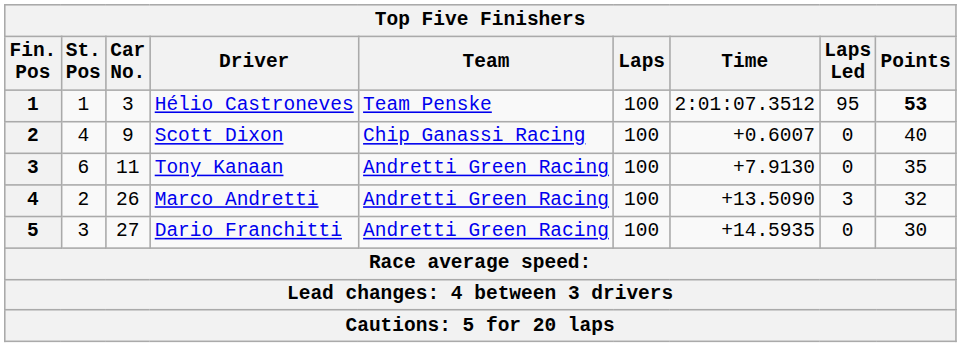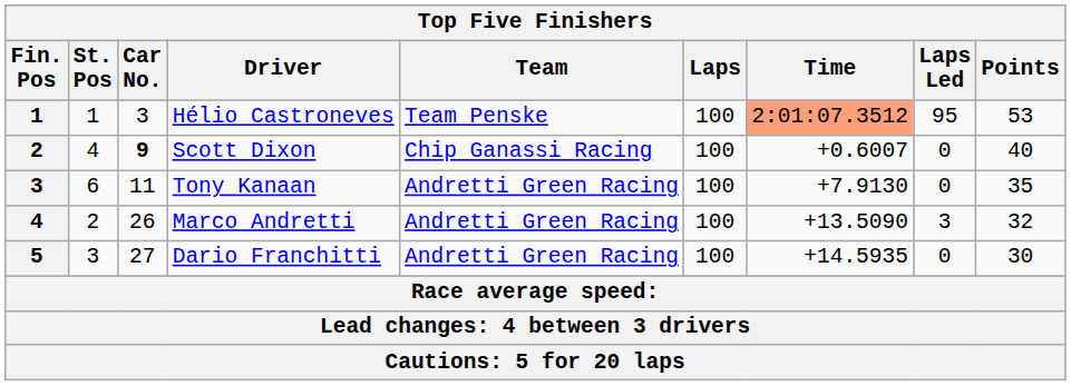 <table class="wikitable" style="font-size:95%;text-align:center">
 <tr>
 <th colspan=9>Top Five Finishers</th>
 </tr>
 <tr>
 <th>Fin.<br>Pos</th>
 <th>St.<br>Pos</th>
 <th>Car<br>No.</th>
 <th>Driver</th>
 <th>Team</th>
 <th>Laps</th>
 <th>Time</th>
 <th>Laps<br>Led</th>
 <th>Points</th>
 </tr>
 <tr>
 <th>1</th>
 <td>1</td>
 <td>3</td>
 <td style="text-align:left"> <a href='#'>Hélio Castroneves</a></td>
 <td style="text-align:left"><a href='#'>Team Penske</a></td>
 <td>100</td>
-<td align=right>2:01:07.3512</td>
+<td align=right style="background: lightsalmon;">2:01:07.3512</td>
 <td>95</td>
-<td><strong>53</strong></td>
+<td>53</td>
 </tr>
 <tr>
 <th>2</th>
 <td>4</td>
-<td>9</td>
+<td><strong>9</strong></td>
 <td style="text-align:left"> <a href='#'>Scott Dixon</a></td>
 <td style="text-align:left"><a href='#'>Chip Ganassi Racing</a></td>
 <td>100</td>
 <td align=right>+0.6007</td>
 <td>0</td>
 <td>40</td>
 </tr>
 <tr>
 <th>3</th>
 <td>6</td>
 <td>11</td>
 <td style="text-align:left"> <a href='#'>Tony Kanaan</a></td>
 <td style="text-align:left"><a href='#'>Andretti Green Racing</a></td>
 <td>100</td>
 <td align=right>+7.9130</td>
 <td>0</td>
 <td>35</td>
 </tr>
 <tr>
 <th>4</th>
 <td>2</td>
 <td>26</td>
 <td style="text-align:left"> <a href='#'>Marco Andretti</a></td>
 <td style="text-align:left"><a href='#'>Andretti Green Racing</a></td>
 <td>100</td>
 <td align=right>+13.5090</td>
 <td>3</td>
 <td>32</td>
 </tr>
 <tr>
 <th>5</th>
 <td>3</td>
 <td>27</td>
 <td style="text-align:left"> <a href='#'>Dario Franchitti</a></td>
 <td style="text-align:left"><a href='#'>Andretti Green Racing</a></td>
 <td>100</td>
 <td align=right>+14.5935</td>
 <td>0</td>
 <td>30</td>
 </tr>
 <tr>
 <th colspan=9>Race average speed: </th>
 </tr>
 <tr>
 <th colspan=9>Lead changes: 4 between 3 drivers</th>
 </tr>
 <tr>
 <th colspan=9>Cautions: 5 for 20 laps</th>
 </tr>
 </table>
